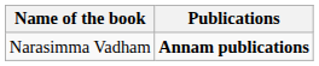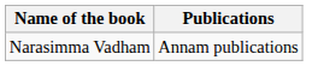 <table class="wikitable sortable">
 <tr>
 <th>Name of the book</th>
 <th>Publications</th>
 </tr>
 <tr>
 <td>Narasimma Vadham</td>
-<td><strong>Annam publications</strong></td>
+<td>Annam publications</td>
 </tr>
 </table>
